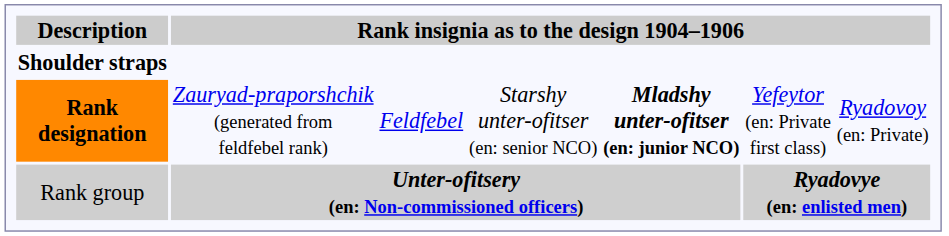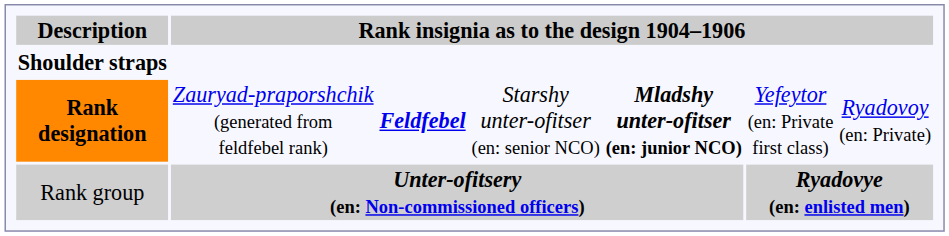 <table style="border:1px solid #8888aa; background-color:#f7f8ff; padding:5px; font-size:95%; margin: 12px 12px 12px 12px;">
 <tr bgcolor="#CCCCCC">
 <th>Description</th>
 <th colspan=9>Rank insignia as to the design 1904–1906</th>
 </tr>
 <tr align="center">
 <th>Shoulder straps</th>
 <th></th>
 <th></th>
 <th></th>
 <th></th>
 <th></th>
 <th></th>
 </tr>
 <tr align="center">
 <th style="background:#ff8800; color:black;">Rank<br>designation</th>
 <td><em><a href='#'>Zauryad-praporshchik</a></em><br><small>(generated from <br>feldfebel rank)</small></td>
-<td><em><a href='#'>Feldfebel</a></em></td>
+<td><strong><em><a href='#'>Feldfebel</a></em></strong></td>
 <td><em>Starshy<br>unter-оfitser</em> <br><small>(en: senior NCO)</small></td>
 <td><strong><em>Мladshy <br>unter-оfitser</em> <br><small>(en: junior NCO)</small></strong></td>
 <td><em><a href='#'>Yefeytor</a></em> <br><small>(en: Private <br>first class)</small></td>
 <td><em><a href='#'>Ryadovoy</a></em> <br><small>(en: Private)</small></td>
 </tr>
 <tr align="center" style="background:#cfcfcf;">
 <td>Rank group</td>
 <th colspan=4><em>Unter-ofitsery</em> <br><small>(en: <a href='#'>Non-commissioned officers</a>)</small></th>
 <th colspan=2><em>Ryadovye</em> <br><small>(en: <a href='#'>enlisted men</a>)</small></th>
 </tr>
 </table>
